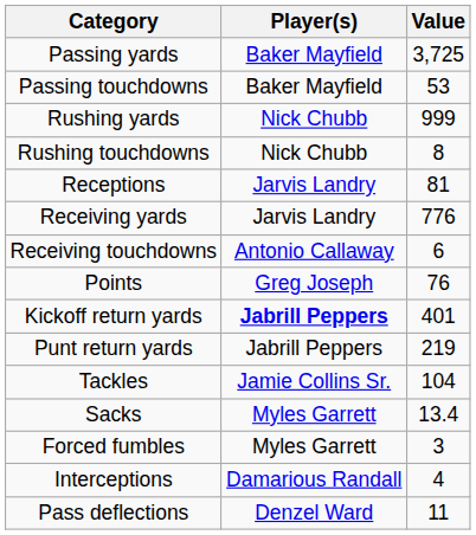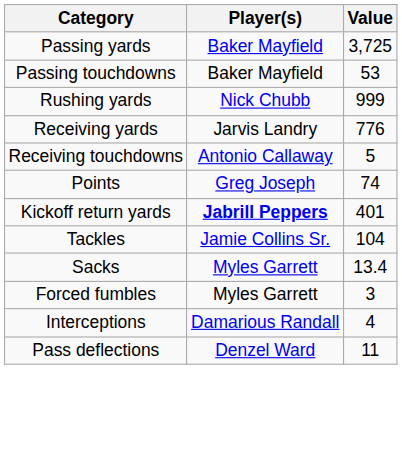 <table class="wikitable" style="text-align:center">
 <tr>
 <th>Category</th>
 <th>Player(s)</th>
 <th>Value</th>
 </tr>
 <tr>
 <td>Passing yards</td>
 <td><a href='#'>Baker Mayfield</a></td>
 <td>3,725</td>
 </tr>
 <tr>
 <td>Passing touchdowns</td>
 <td>Baker Mayfield</td>
 <td>53</td>
 </tr>
 <tr>
 <td>Rushing yards</td>
 <td><a href='#'>Nick Chubb</a></td>
 <td>999</td>
 </tr>
 <tr>
-<td>Rushing touchdowns</td>
-<td>Nick Chubb</td>
-<td>8</td>
-</tr>
-<tr>
-<td>Receptions</td>
-<td><a href='#'>Jarvis Landry</a></td>
-<td>81</td>
-</tr>
-<tr>
 <td>Receiving yards</td>
 <td>Jarvis Landry</td>
 <td>776</td>
 </tr>
 <tr>
 <td>Receiving touchdowns</td>
 <td><a href='#'>Antonio Callaway</a></td>
-<td>6</td>
+<td>5</td>
 </tr>
 <tr>
 <td>Points</td>
 <td><a href='#'>Greg Joseph</a></td>
-<td>76</td>
+<td>74</td>
 </tr>
 <tr>
 <td>Kickoff return yards</td>
 <td><strong><a href='#'>Jabrill Peppers</a></strong></td>
 <td>401</td>
-</tr>
-<tr>
-<td>Punt return yards</td>
-<td>Jabrill Peppers</td>
-<td>219</td>
 </tr>
 <tr>
 <td>Tackles</td>
 <td><a href='#'>Jamie Collins Sr.</a></td>
 <td>104</td>
 </tr>
 <tr>
 <td>Sacks</td>
 <td><a href='#'>Myles Garrett</a></td>
 <td>13.4</td>
 </tr>
 <tr>
 <td>Forced fumbles</td>
 <td>Myles Garrett</td>
 <td>3</td>
 </tr>
 <tr>
 <td>Interceptions</td>
 <td><a href='#'>Damarious Randall</a></td>
 <td>4</td>
 </tr>
 <tr>
 <td>Pass deflections</td>
 <td><a href='#'>Denzel Ward</a></td>
 <td>11</td>
 </tr>
 </table>
